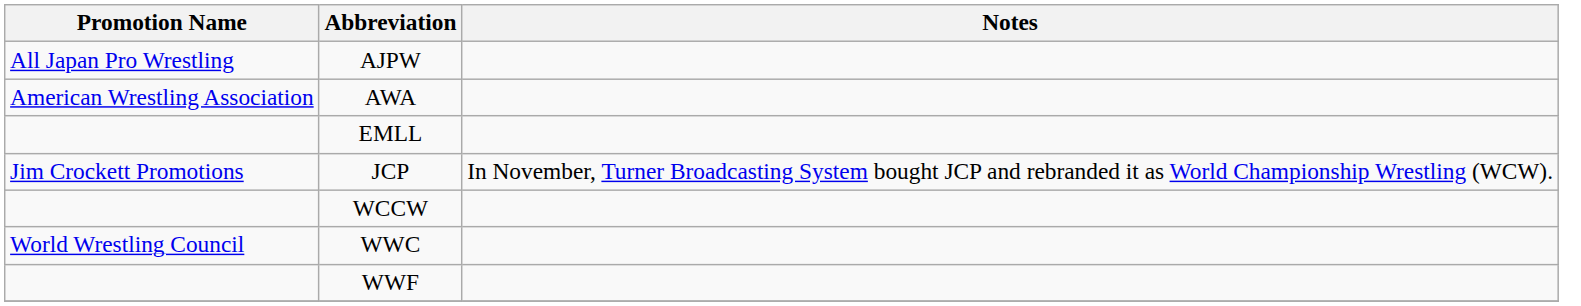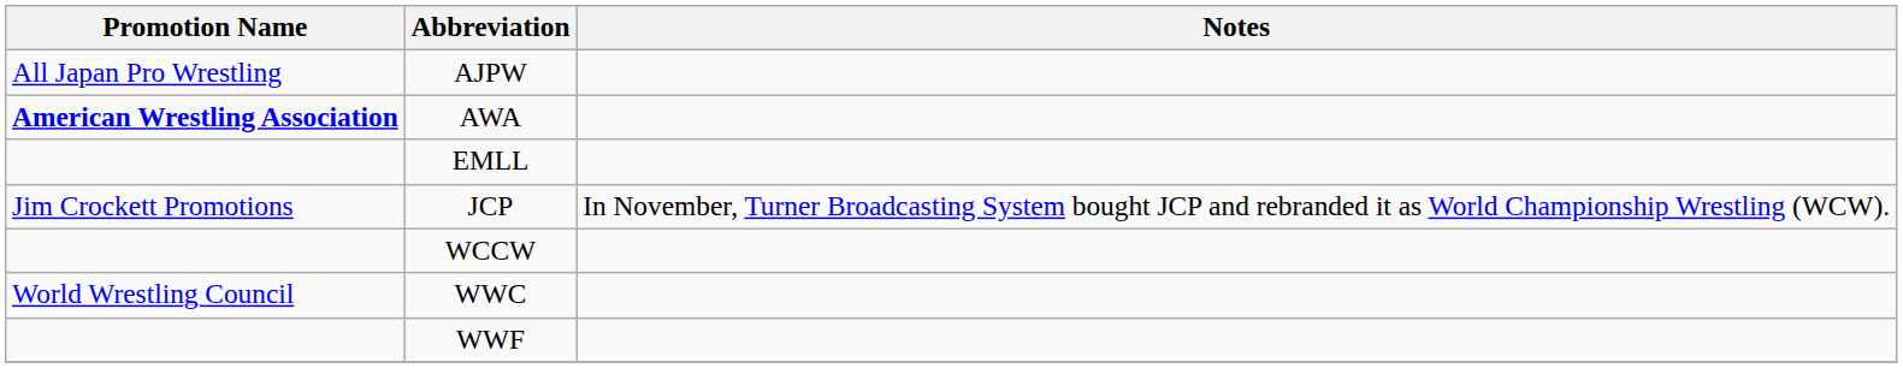 <table class="wikitable">
 <tr>
 <th>Promotion Name</th>
 <th>Abbreviation</th>
 <th>Notes</th>
 </tr>
 <tr>
 <td><a href='#'>All Japan Pro Wrestling</a></td>
 <td align=center>AJPW</td>
 <td></td>
 </tr>
 <tr>
-<td><a href='#'>American Wrestling Association</a></td>
+<td><strong><a href='#'>American Wrestling Association</a></strong></td>
 <td align=center>AWA</td>
 <td></td>
 </tr>
 <tr>
 <td></td>
 <td align=center>EMLL</td>
 <td></td>
 </tr>
 <tr>
 <td><a href='#'>Jim Crockett Promotions</a></td>
 <td align=center>JCP</td>
 <td>In November, <a href='#'>Turner Broadcasting System</a> bought JCP and rebranded it as <a href='#'>World Championship Wrestling</a> (WCW).</td>
 </tr>
 <tr>
 <td></td>
 <td align=center>WCCW</td>
 <td></td>
 </tr>
 <tr>
 <td><a href='#'>World Wrestling Council</a></td>
 <td align=center>WWC</td>
 <td></td>
 </tr>
 <tr>
 <td></td>
 <td align=center>WWF</td>
 <td></td>
 </tr>
 <tr>
 </tr>
 </table>
